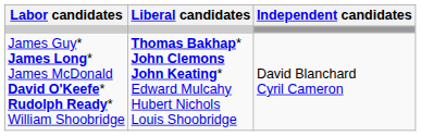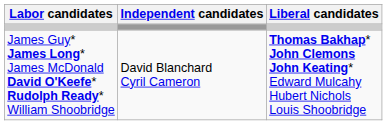 <table class="wikitable">
 <tr>
 <th><a href='#'>Labor</a> candidates</th>
+<th><a href='#'>Independent</a> candidates</th>
 <th><a href='#'>Liberal</a> candidates</th>
-<th><a href='#'>Independent</a> candidates</th>
 </tr>
 <tr bgcolor="#cccccc">
 <td></td>
+<td bgcolor="#999999"></td>
 <td></td>
-<td bgcolor="#999999"></td>
 </tr>
 <tr>
 <td><a href='#'>James Guy</a>*<br><strong><a href='#'>James Long</a></strong>*<br><a href='#'>James McDonald</a><br><strong><a href='#'>David O'Keefe</a></strong>*<br><strong><a href='#'>Rudolph Ready</a></strong>*<br><a href='#'>William Shoobridge</a></td>
+<td>David Blanchard<br><a href='#'>Cyril Cameron</a></td>
 <td><strong><a href='#'>Thomas Bakhap</a></strong>*<br><strong><a href='#'>John Clemons</a></strong><br><strong><a href='#'>John Keating</a></strong>*<br><a href='#'>Edward Mulcahy</a><br><a href='#'>Hubert Nichols</a><br><a href='#'>Louis Shoobridge</a></td>
-<td>David Blanchard<br><a href='#'>Cyril Cameron</a></td>
 </tr>
 </table>
